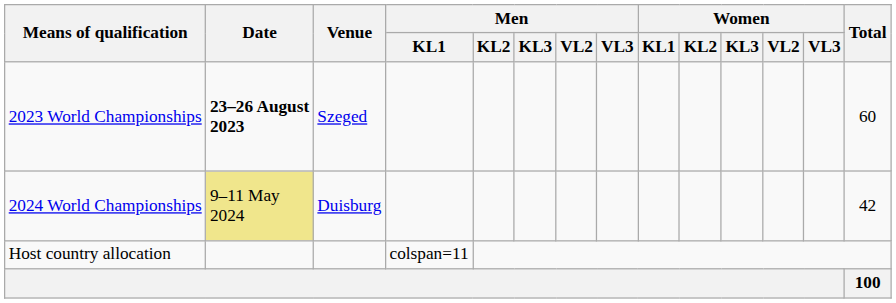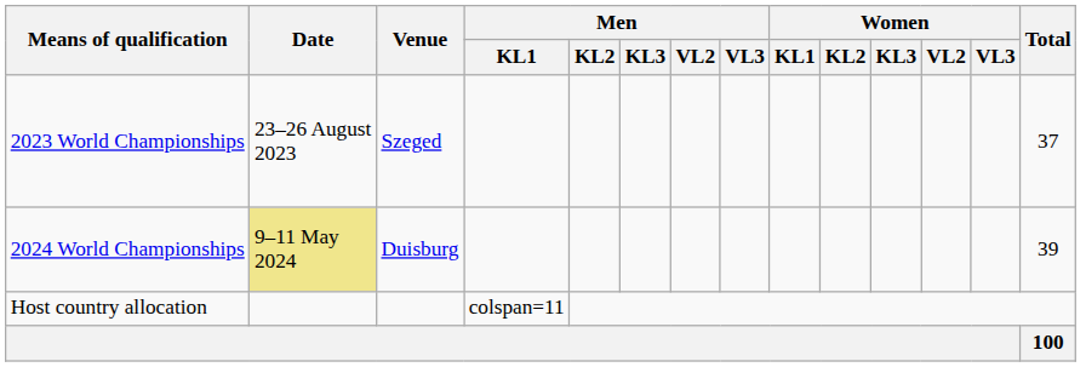 <table class="wikitable" style="font-size:85%">
 <tr>
 <th rowspan=2>Means of qualification</th>
 <th rowspan=2>Date</th>
 <th rowspan=2>Venue</th>
 <th colspan=5>Men</th>
 <th colspan=5>Women</th>
 <th rowspan=2>Total</th>
 </tr>
 <tr>
 <th>KL1</th>
 <th>KL2</th>
 <th>KL3</th>
 <th>VL2</th>
 <th>VL3</th>
 <th>KL1</th>
 <th>KL2</th>
 <th>KL3</th>
 <th>VL2</th>
 <th>VL3</th>
 </tr>
 <tr>
 <td><a href='#'>2023 World Championships</a></td>
-<td><strong>23–26 August<br> 2023</strong></td>
+<td>23–26 August<br> 2023</td>
 <td> <a href='#'>Szeged</a></td>
 <td align=left><br><br><br><br><br></td>
 <td align=left><br><br><br><br><br></td>
 <td align=left><br><br><br><br><br></td>
 <td align=left><br><br><br><br><br></td>
 <td align=left><br><br><br><br><br></td>
 <td align=left><br><br><br><br><br></td>
 <td align=left><br><br><br><br><br></td>
 <td align=left><br><br><br><br><br></td>
 <td align=left><br><br><br><br><br></td>
 <td align=left><br><br><br><br><br></td>
-<td align=center>60</td>
+<td align=center>37</td>
 </tr>
 <tr>
 <td><a href='#'>2024 World Championships</a></td>
 <td style="background: khaki;">9–11 May<br> 2024</td>
 <td> <a href='#'>Duisburg</a></td>
 <td align=left><br><br><br></td>
 <td align=left><br><br><br></td>
 <td align=left><br><br><br></td>
 <td align=left><br><br><br></td>
 <td align=left><br><br><br></td>
 <td align=left><br><br></td>
 <td align=left><br><br><br></td>
 <td align=left><br><br><br></td>
 <td align=left><br><br><br></td>
 <td align=left><br><br><br></td>
-<td align=center>42</td>
+<td align=center>39</td>
 </tr>
 <tr>
 <td>Host country allocation</td>
 <td></td>
 <td></td>
 <td>colspan=11 </td>
 </tr>
 <tr>
 <th colspan=13></th>
 <th>100</th>
 </tr>
 </table>
